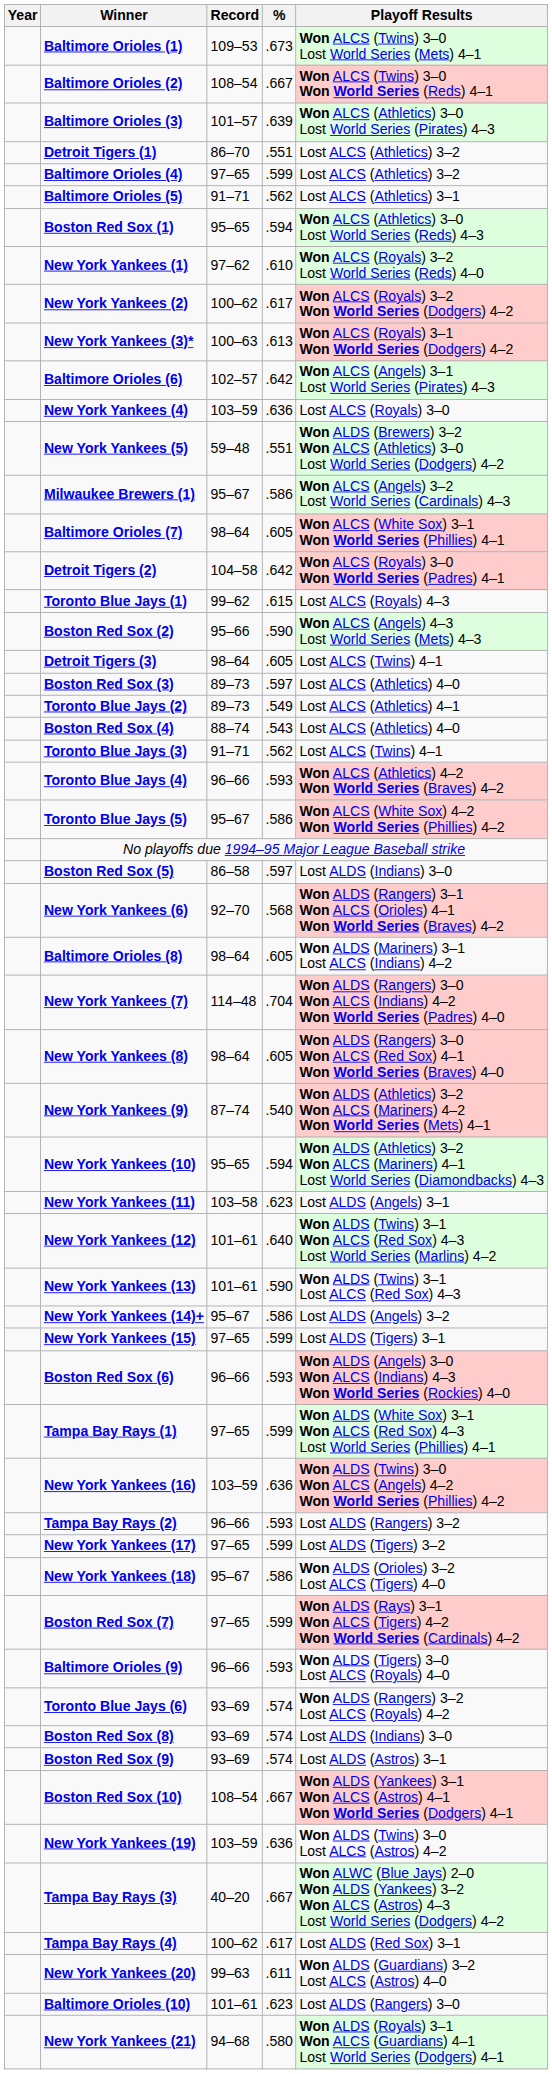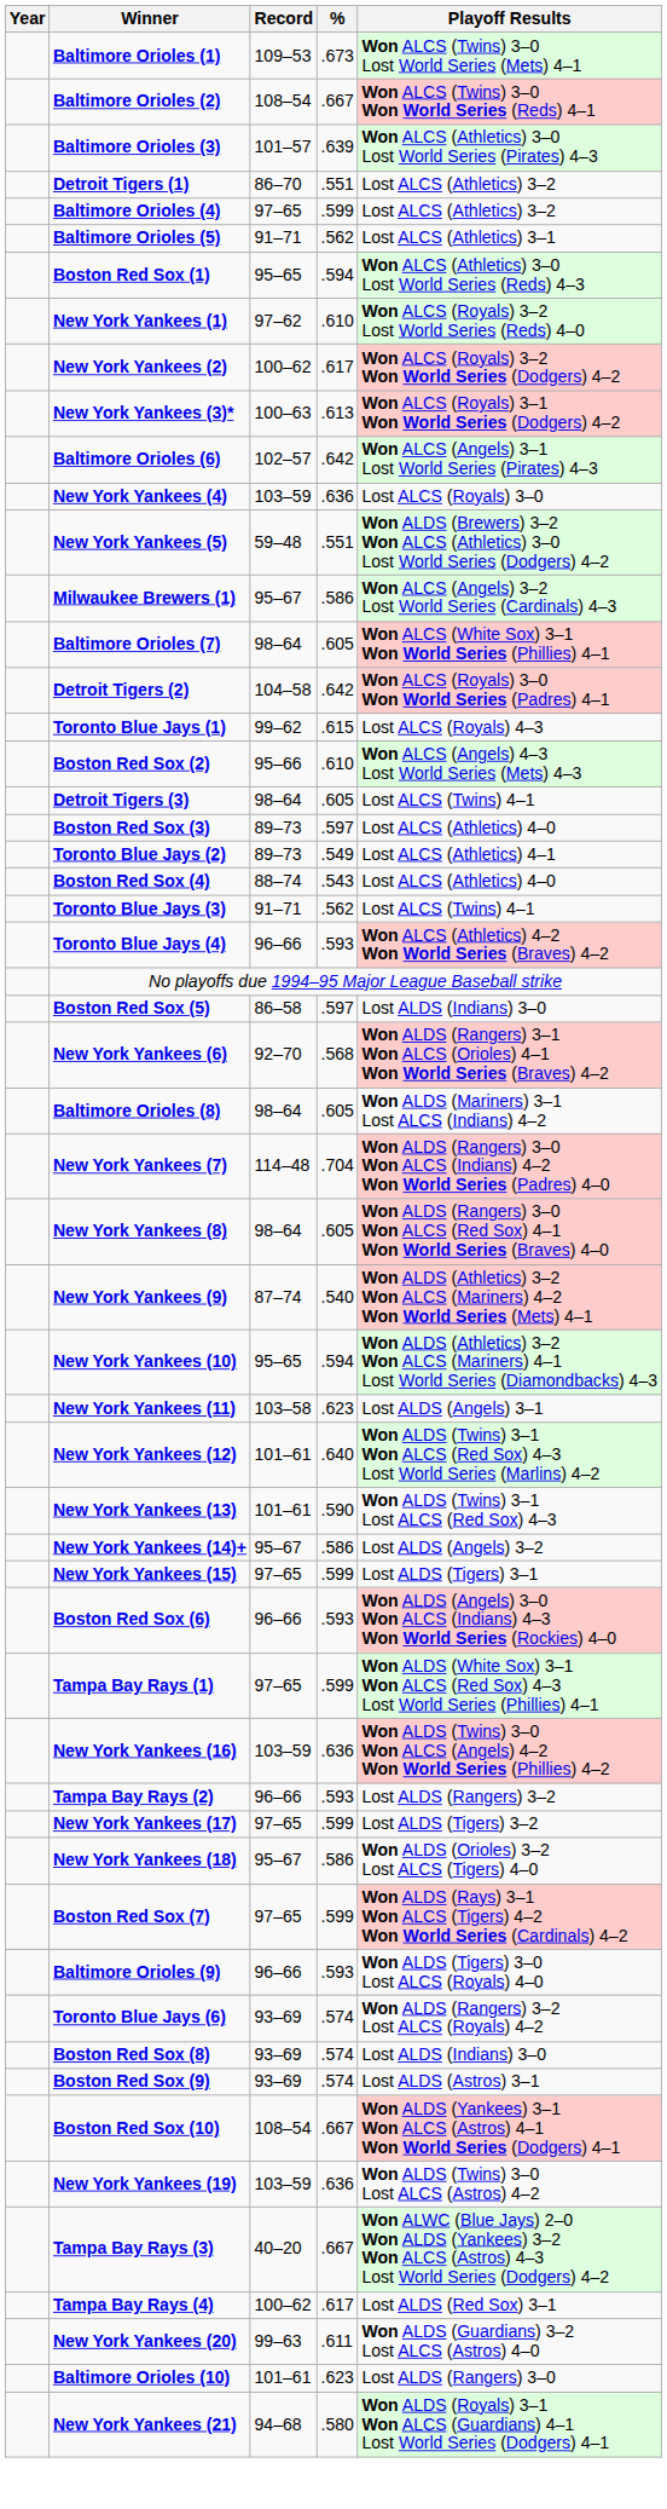 <table class="wikitable sortable">
 <tr>
 <th>Year</th>
 <th>Winner</th>
 <th>Record</th>
 <th>%</th>
 <th>Playoff Results</th>
 </tr>
 <tr>
 <td></td>
 <td><strong><a href='#'><span>Baltimore Orioles (1)</span></a></strong></td>
 <td>109–53</td>
 <td>.673</td>
 <td bgcolor="#ddffdd"><strong>Won</strong> <a href='#'>ALCS</a> (<a href='#'>Twins</a>) 3–0<br>Lost <a href='#'>World Series</a> (<a href='#'>Mets</a>) 4–1</td>
 </tr>
 <tr>
 <td></td>
 <td><strong><a href='#'><span>Baltimore Orioles (2)</span></a></strong></td>
 <td>108–54</td>
 <td>.667</td>
 <td bgcolor="#ffcccc"><strong>Won</strong> <a href='#'>ALCS</a> (<a href='#'>Twins</a>) 3–0<br><strong>Won <a href='#'>World Series</a></strong> (<a href='#'>Reds</a>) 4–1</td>
 </tr>
 <tr>
 <td></td>
 <td><strong><a href='#'><span>Baltimore Orioles (3)</span></a></strong></td>
 <td>101–57</td>
 <td>.639</td>
 <td bgcolor="#ddffdd"><strong>Won</strong> <a href='#'>ALCS</a> (<a href='#'>Athletics</a>) 3–0<br>Lost <a href='#'>World Series</a> (<a href='#'>Pirates</a>) 4–3</td>
 </tr>
 <tr>
 <td></td>
 <td><strong><a href='#'><span>Detroit Tigers (1)</span></a></strong></td>
 <td>86–70</td>
 <td>.551</td>
 <td>Lost <a href='#'>ALCS</a> (<a href='#'>Athletics</a>) 3–2</td>
 </tr>
 <tr>
 <td></td>
 <td><strong><a href='#'><span>Baltimore Orioles (4)</span></a></strong></td>
 <td>97–65</td>
 <td>.599</td>
 <td>Lost <a href='#'>ALCS</a> (<a href='#'>Athletics</a>) 3–2</td>
 </tr>
 <tr>
 <td></td>
 <td><strong><a href='#'><span>Baltimore Orioles (5)</span></a></strong></td>
 <td>91–71</td>
 <td>.562</td>
 <td>Lost <a href='#'>ALCS</a> (<a href='#'>Athletics</a>) 3–1</td>
 </tr>
 <tr>
 <td></td>
 <td><strong><a href='#'><span>Boston Red Sox (1)</span></a></strong></td>
 <td>95–65</td>
 <td>.594</td>
 <td bgcolor="#ddffdd"><strong>Won</strong> <a href='#'>ALCS</a> (<a href='#'>Athletics</a>) 3–0<br>Lost <a href='#'>World Series</a> (<a href='#'>Reds</a>) 4–3</td>
 </tr>
 <tr>
 <td></td>
 <td><strong><a href='#'><span>New York Yankees (1)</span></a></strong></td>
 <td>97–62</td>
 <td>.610</td>
 <td bgcolor="#ddffdd"><strong>Won</strong> <a href='#'>ALCS</a> (<a href='#'>Royals</a>) 3–2<br>Lost <a href='#'>World Series</a> (<a href='#'>Reds</a>) 4–0</td>
 </tr>
 <tr>
 <td></td>
 <td><strong><a href='#'><span>New York Yankees (2)</span></a></strong></td>
 <td>100–62</td>
 <td>.617</td>
 <td bgcolor="#ffcccc"><strong>Won</strong> <a href='#'>ALCS</a> (<a href='#'>Royals</a>) 3–2<br><strong>Won <a href='#'>World Series</a></strong> (<a href='#'>Dodgers</a>) 4–2</td>
 </tr>
 <tr>
 <td></td>
 <td><strong><a href='#'><span>New York Yankees (3)*</span></a></strong></td>
 <td>100–63</td>
 <td>.613</td>
 <td bgcolor="#ffcccc"><strong>Won</strong> <a href='#'>ALCS</a> (<a href='#'>Royals</a>) 3–1<br><strong>Won <a href='#'>World Series</a></strong> (<a href='#'>Dodgers</a>) 4–2</td>
 </tr>
 <tr>
 <td></td>
 <td><strong><a href='#'><span>Baltimore Orioles (6)</span></a></strong></td>
 <td>102–57</td>
 <td>.642</td>
 <td bgcolor="#ddffdd"><strong>Won</strong> <a href='#'>ALCS</a> (<a href='#'>Angels</a>) 3–1<br>Lost <a href='#'>World Series</a> (<a href='#'>Pirates</a>) 4–3</td>
 </tr>
 <tr>
 <td></td>
 <td><strong><a href='#'><span>New York Yankees (4)</span></a></strong></td>
 <td>103–59</td>
 <td>.636</td>
 <td>Lost <a href='#'>ALCS</a> (<a href='#'>Royals</a>) 3–0</td>
 </tr>
 <tr>
 <td></td>
 <td><strong><a href='#'><span>New York Yankees (5)</span></a></strong></td>
 <td>59–48</td>
 <td>.551</td>
 <td bgcolor="#ddffdd"><strong>Won</strong> <a href='#'>ALDS</a> (<a href='#'>Brewers</a>) 3–2<br><strong>Won</strong> <a href='#'>ALCS</a> (<a href='#'>Athletics</a>) 3–0<br>Lost <a href='#'>World Series</a> (<a href='#'>Dodgers</a>) 4–2</td>
 </tr>
 <tr>
 <td></td>
 <td><strong><a href='#'><span>Milwaukee Brewers (1)</span></a></strong></td>
 <td>95–67</td>
 <td>.586</td>
 <td bgcolor="#ddffdd"><strong>Won</strong> <a href='#'>ALCS</a> (<a href='#'>Angels</a>) 3–2<br>Lost <a href='#'>World Series</a> (<a href='#'>Cardinals</a>) 4–3</td>
 </tr>
 <tr>
 <td></td>
 <td><strong><a href='#'><span>Baltimore Orioles (7)</span></a></strong></td>
 <td>98–64</td>
 <td>.605</td>
 <td bgcolor="#ffcccc"><strong>Won</strong> <a href='#'>ALCS</a> (<a href='#'>White Sox</a>) 3–1<br><strong>Won <a href='#'>World Series</a></strong> (<a href='#'>Phillies</a>) 4–1</td>
 </tr>
 <tr>
 <td></td>
 <td><strong><a href='#'><span>Detroit Tigers (2)</span></a></strong></td>
 <td>104–58</td>
 <td>.642</td>
 <td bgcolor="#ffcccc"><strong>Won</strong> <a href='#'>ALCS</a> (<a href='#'>Royals</a>) 3–0<br><strong>Won <a href='#'>World Series</a></strong> (<a href='#'>Padres</a>) 4–1</td>
 </tr>
 <tr>
 <td></td>
 <td><strong><a href='#'><span>Toronto Blue Jays (1)</span></a></strong></td>
 <td>99–62</td>
 <td>.615</td>
 <td>Lost <a href='#'>ALCS</a> (<a href='#'>Royals</a>) 4–3</td>
 </tr>
 <tr>
 <td></td>
 <td><strong><a href='#'><span>Boston Red Sox (2)</span></a></strong></td>
 <td>95–66</td>
-<td>.590</td>
+<td>.610</td>
 <td bgcolor="#ddffdd"><strong>Won</strong> <a href='#'>ALCS</a> (<a href='#'>Angels</a>) 4–3<br>Lost <a href='#'>World Series</a> (<a href='#'>Mets</a>) 4–3</td>
 </tr>
 <tr>
 <td></td>
 <td><strong><a href='#'><span>Detroit Tigers (3)</span></a></strong></td>
 <td>98–64</td>
 <td>.605</td>
 <td>Lost <a href='#'>ALCS</a> (<a href='#'>Twins</a>) 4–1</td>
 </tr>
 <tr>
 <td></td>
 <td><strong><a href='#'><span>Boston Red Sox (3)</span></a></strong></td>
 <td>89–73</td>
 <td>.597</td>
 <td>Lost <a href='#'>ALCS</a> (<a href='#'>Athletics</a>) 4–0</td>
 </tr>
 <tr>
 <td></td>
 <td><strong><a href='#'><span>Toronto Blue Jays (2)</span></a></strong></td>
 <td>89–73</td>
 <td>.549</td>
 <td>Lost <a href='#'>ALCS</a> (<a href='#'>Athletics</a>) 4–1</td>
 </tr>
 <tr>
 <td></td>
 <td><strong><a href='#'><span>Boston Red Sox (4)</span></a></strong></td>
 <td>88–74</td>
 <td>.543</td>
 <td>Lost <a href='#'>ALCS</a> (<a href='#'>Athletics</a>) 4–0</td>
 </tr>
 <tr>
 <td></td>
 <td><strong><a href='#'><span>Toronto Blue Jays (3)</span></a></strong></td>
 <td>91–71</td>
 <td>.562</td>
 <td>Lost <a href='#'>ALCS</a> (<a href='#'>Twins</a>) 4–1</td>
 </tr>
 <tr>
 <td></td>
 <td><strong><a href='#'><span>Toronto Blue Jays (4)</span></a></strong></td>
 <td>96–66</td>
 <td>.593</td>
 <td bgcolor="#ffcccc"><strong>Won</strong> <a href='#'>ALCS</a> (<a href='#'>Athletics</a>) 4–2<br><strong>Won <a href='#'>World Series</a></strong> (<a href='#'>Braves</a>) 4–2</td>
-</tr>
-<tr>
-<td></td>
-<td><strong><a href='#'><span>Toronto Blue Jays (5)</span></a></strong></td>
-<td>95–67</td>
-<td>.586</td>
-<td bgcolor="#ffcccc"><strong>Won</strong> <a href='#'>ALCS</a> (<a href='#'>White Sox</a>) 4–2<br><strong>Won <a href='#'>World Series</a></strong> (<a href='#'>Phillies</a>) 4–2</td>
 </tr>
 <tr>
 <td></td>
 <td colspan=4 align=center><em>No playoffs due <a href='#'>1994–95 Major League Baseball strike</a></em></td>
 </tr>
 <tr>
 <td></td>
 <td><strong><a href='#'><span>Boston Red Sox (5)</span></a></strong></td>
 <td>86–58</td>
 <td>.597</td>
 <td>Lost <a href='#'>ALDS</a> (<a href='#'>Indians</a>) 3–0</td>
 </tr>
 <tr>
 <td></td>
 <td><strong><a href='#'><span>New York Yankees (6)</span></a></strong></td>
 <td>92–70</td>
 <td>.568</td>
 <td bgcolor="#ffcccc"><strong>Won</strong> <a href='#'>ALDS</a> (<a href='#'>Rangers</a>) 3–1<br><strong>Won</strong> <a href='#'>ALCS</a> (<a href='#'>Orioles</a>) 4–1<br><strong>Won <a href='#'>World Series</a></strong> (<a href='#'>Braves</a>) 4–2</td>
 </tr>
 <tr>
 <td></td>
 <td><strong><a href='#'><span>Baltimore Orioles (8)</span></a></strong></td>
 <td>98–64</td>
 <td>.605</td>
 <td><strong>Won</strong> <a href='#'>ALDS</a> (<a href='#'>Mariners</a>) 3–1<br>Lost <a href='#'>ALCS</a> (<a href='#'>Indians</a>) 4–2</td>
 </tr>
 <tr>
 <td></td>
 <td><strong><a href='#'><span>New York Yankees (7)</span></a></strong></td>
 <td>114–48</td>
 <td>.704</td>
 <td bgcolor="#ffcccc"><strong>Won</strong> <a href='#'>ALDS</a> (<a href='#'>Rangers</a>) 3–0<br><strong>Won</strong> <a href='#'>ALCS</a> (<a href='#'>Indians</a>) 4–2<br><strong>Won <a href='#'>World Series</a></strong> (<a href='#'>Padres</a>) 4–0</td>
 </tr>
 <tr>
 <td></td>
 <td><strong><a href='#'><span>New York Yankees (8)</span></a></strong></td>
 <td>98–64</td>
 <td>.605</td>
 <td bgcolor="#ffcccc"><strong>Won</strong> <a href='#'>ALDS</a> (<a href='#'>Rangers</a>) 3–0<br><strong>Won</strong> <a href='#'>ALCS</a> (<a href='#'>Red Sox</a>) 4–1<br><strong>Won <a href='#'>World Series</a></strong> (<a href='#'>Braves</a>) 4–0</td>
 </tr>
 <tr>
 <td></td>
 <td><strong><a href='#'><span>New York Yankees (9)</span></a></strong></td>
 <td>87–74</td>
 <td>.540</td>
 <td bgcolor="#ffcccc"><strong>Won</strong> <a href='#'>ALDS</a> (<a href='#'>Athletics</a>) 3–2<br><strong>Won</strong> <a href='#'>ALCS</a> (<a href='#'>Mariners</a>) 4–2<br><strong>Won <a href='#'>World Series</a></strong> (<a href='#'>Mets</a>) 4–1</td>
 </tr>
 <tr>
 <td></td>
 <td><strong><a href='#'><span>New York Yankees (10)</span></a></strong></td>
 <td>95–65</td>
 <td>.594</td>
 <td bgcolor="#ddffdd"><strong>Won</strong> <a href='#'>ALDS</a> (<a href='#'>Athletics</a>) 3–2<br><strong>Won</strong> <a href='#'>ALCS</a> (<a href='#'>Mariners</a>) 4–1<br>Lost <a href='#'>World Series</a> (<a href='#'>Diamondbacks</a>) 4–3</td>
 </tr>
 <tr>
 <td></td>
 <td><strong><a href='#'><span>New York Yankees (11)</span></a></strong></td>
 <td>103–58</td>
 <td>.623</td>
 <td>Lost <a href='#'>ALDS</a> (<a href='#'>Angels</a>) 3–1</td>
 </tr>
 <tr>
 <td></td>
 <td><strong><a href='#'><span>New York Yankees (12)</span></a></strong></td>
 <td>101–61</td>
 <td>.640</td>
 <td bgcolor="#ddffdd"><strong>Won</strong> <a href='#'>ALDS</a> (<a href='#'>Twins</a>) 3–1<br><strong>Won</strong> <a href='#'>ALCS</a> (<a href='#'>Red Sox</a>) 4–3<br>Lost <a href='#'>World Series</a> (<a href='#'>Marlins</a>) 4–2</td>
 </tr>
 <tr>
 <td></td>
 <td><strong><a href='#'><span>New York Yankees (13)</span></a></strong></td>
 <td>101–61</td>
 <td>.590</td>
 <td><strong>Won</strong> <a href='#'>ALDS</a> (<a href='#'>Twins</a>) 3–1<br>Lost <a href='#'>ALCS</a> (<a href='#'>Red Sox</a>) 4–3</td>
 </tr>
 <tr>
 <td></td>
 <td><strong><a href='#'><span>New York Yankees (14)+</span></a></strong></td>
 <td>95–67</td>
 <td>.586</td>
 <td>Lost <a href='#'>ALDS</a> (<a href='#'>Angels</a>) 3–2</td>
 </tr>
 <tr>
 <td></td>
 <td><strong><a href='#'><span>New York Yankees (15)</span></a></strong></td>
 <td>97–65</td>
 <td>.599</td>
 <td>Lost <a href='#'>ALDS</a> (<a href='#'>Tigers</a>) 3–1</td>
 </tr>
 <tr>
 <td></td>
 <td><strong><a href='#'><span>Boston Red Sox (6)</span></a></strong></td>
 <td>96–66</td>
 <td>.593</td>
 <td bgcolor="#ffcccc"><strong>Won</strong> <a href='#'>ALDS</a> (<a href='#'>Angels</a>) 3–0<br><strong>Won</strong> <a href='#'>ALCS</a> (<a href='#'>Indians</a>) 4–3<br><strong>Won <a href='#'>World Series</a></strong> (<a href='#'>Rockies</a>) 4–0</td>
 </tr>
 <tr>
 <td></td>
 <td><strong><a href='#'><span>Tampa Bay Rays (1)</span></a></strong></td>
 <td>97–65</td>
 <td>.599</td>
 <td bgcolor="#ddffdd"><strong>Won</strong> <a href='#'>ALDS</a> (<a href='#'>White Sox</a>) 3–1<br><strong>Won</strong> <a href='#'>ALCS</a> (<a href='#'>Red Sox</a>) 4–3<br>Lost <a href='#'>World Series</a> (<a href='#'>Phillies</a>) 4–1</td>
 </tr>
 <tr>
 <td></td>
 <td><strong><a href='#'><span>New York Yankees (16)</span></a></strong></td>
 <td>103–59</td>
 <td>.636</td>
 <td bgcolor="#ffcccc"><strong>Won</strong> <a href='#'>ALDS</a> (<a href='#'>Twins</a>) 3–0<br><strong>Won</strong> <a href='#'>ALCS</a> (<a href='#'>Angels</a>) 4–2<br><strong>Won <a href='#'>World Series</a></strong> (<a href='#'>Phillies</a>) 4–2</td>
 </tr>
 <tr>
 <td></td>
 <td><strong><a href='#'><span>Tampa Bay Rays (2)</span></a></strong></td>
 <td>96–66</td>
 <td>.593</td>
 <td>Lost <a href='#'>ALDS</a> (<a href='#'>Rangers</a>) 3–2</td>
 </tr>
 <tr>
 <td></td>
 <td><strong><a href='#'><span>New York Yankees (17)</span></a></strong></td>
 <td>97–65</td>
 <td>.599</td>
 <td>Lost <a href='#'>ALDS</a> (<a href='#'>Tigers</a>) 3–2</td>
 </tr>
 <tr>
 <td></td>
 <td><strong><a href='#'><span>New York Yankees (18)</span></a></strong></td>
 <td>95–67</td>
 <td>.586</td>
 <td><strong>Won</strong> <a href='#'>ALDS</a> (<a href='#'>Orioles</a>) 3–2<br>Lost <a href='#'>ALCS</a> (<a href='#'>Tigers</a>) 4–0</td>
 </tr>
 <tr>
 <td></td>
 <td><strong><a href='#'><span>Boston Red Sox (7)</span></a></strong></td>
 <td>97–65</td>
 <td>.599</td>
 <td bgcolor="#ffcccc"><strong>Won</strong> <a href='#'>ALDS</a> (<a href='#'>Rays</a>) 3–1<br><strong>Won</strong> <a href='#'>ALCS</a> (<a href='#'>Tigers</a>) 4–2<br><strong>Won <a href='#'>World Series</a></strong> (<a href='#'>Cardinals</a>) 4–2</td>
 </tr>
 <tr>
 <td></td>
 <td><strong><a href='#'><span>Baltimore Orioles (9)</span></a></strong></td>
 <td>96–66</td>
 <td>.593</td>
 <td><strong>Won</strong> <a href='#'>ALDS</a> (<a href='#'>Tigers</a>) 3–0<br>Lost <a href='#'>ALCS</a> (<a href='#'>Royals</a>) 4–0</td>
 </tr>
 <tr>
 <td></td>
 <td><strong><a href='#'><span>Toronto Blue Jays (6)</span></a></strong></td>
 <td>93–69</td>
 <td>.574</td>
 <td><strong>Won</strong> <a href='#'>ALDS</a> (<a href='#'>Rangers</a>) 3–2<br>Lost <a href='#'>ALCS</a> (<a href='#'>Royals</a>) 4–2</td>
 </tr>
 <tr>
 <td></td>
 <td><strong><a href='#'><span>Boston Red Sox (8)</span></a></strong></td>
 <td>93–69</td>
 <td>.574</td>
 <td>Lost <a href='#'>ALDS</a> (<a href='#'>Indians</a>) 3–0</td>
 </tr>
 <tr>
 <td></td>
 <td><strong><a href='#'><span>Boston Red Sox (9)</span></a></strong></td>
 <td>93–69</td>
 <td>.574</td>
 <td>Lost <a href='#'>ALDS</a> (<a href='#'>Astros</a>) 3–1</td>
 </tr>
 <tr>
 <td></td>
 <td><strong><a href='#'><span>Boston Red Sox (10)</span></a></strong></td>
 <td>108–54</td>
 <td>.667</td>
 <td bgcolor="#ffcccc"><strong>Won</strong> <a href='#'>ALDS</a> (<a href='#'>Yankees</a>) 3–1<br><strong>Won</strong> <a href='#'>ALCS</a> (<a href='#'>Astros</a>) 4–1<br><strong>Won <a href='#'>World Series</a></strong> (<a href='#'>Dodgers</a>) 4–1</td>
 </tr>
 <tr>
 <td></td>
 <td><strong><a href='#'><span>New York Yankees (19)</span></a></strong></td>
 <td>103–59</td>
 <td>.636</td>
 <td><strong>Won</strong> <a href='#'>ALDS</a> (<a href='#'>Twins</a>) 3–0<br>Lost <a href='#'>ALCS</a> (<a href='#'>Astros</a>) 4–2</td>
 </tr>
 <tr>
 <td></td>
 <td><strong><a href='#'><span>Tampa Bay Rays (3)</span></a></strong></td>
 <td>40–20</td>
 <td>.667</td>
 <td bgcolor="#ddffdd"><strong>Won</strong> <a href='#'>ALWC</a> (<a href='#'>Blue Jays</a>) 2–0<br><strong>Won</strong> <a href='#'>ALDS</a> (<a href='#'>Yankees</a>) 3–2<br> <strong>Won</strong> <a href='#'>ALCS</a> (<a href='#'>Astros</a>) 4–3<br> Lost <a href='#'>World Series</a> (<a href='#'>Dodgers</a>) 4–2</td>
 </tr>
 <tr>
 <td></td>
 <td><strong><a href='#'><span>Tampa Bay Rays (4)</span></a></strong></td>
 <td>100–62</td>
 <td>.617</td>
 <td>Lost <a href='#'>ALDS</a> (<a href='#'>Red Sox</a>) 3–1</td>
 </tr>
 <tr>
 <td></td>
 <td><strong><a href='#'><span>New York Yankees (20)</span></a></strong></td>
 <td>99–63</td>
 <td>.611</td>
 <td><strong>Won</strong> <a href='#'>ALDS</a> (<a href='#'>Guardians</a>) 3–2<br> Lost <a href='#'>ALCS</a> (<a href='#'>Astros</a>) 4–0</td>
 </tr>
 <tr>
 <td></td>
 <td><strong><a href='#'><span>Baltimore Orioles (10)</span></a></strong></td>
 <td>101–61</td>
 <td>.623</td>
 <td>Lost <a href='#'>ALDS</a> (<a href='#'>Rangers</a>) 3–0</td>
 </tr>
 <tr>
 <td></td>
 <td><strong><a href='#'><span>New York Yankees (21)</span></a></strong></td>
 <td>94–68</td>
 <td>.580</td>
 <td bgcolor="#ddffdd"><strong>Won</strong> <a href='#'>ALDS</a> (<a href='#'>Royals</a>) 3–1<br><strong>Won</strong> <a href='#'>ALCS</a> (<a href='#'>Guardians</a>) 4–1<br>Lost <a href='#'>World Series</a> (<a href='#'>Dodgers</a>) 4–1</td>
 </tr>
 </table>
